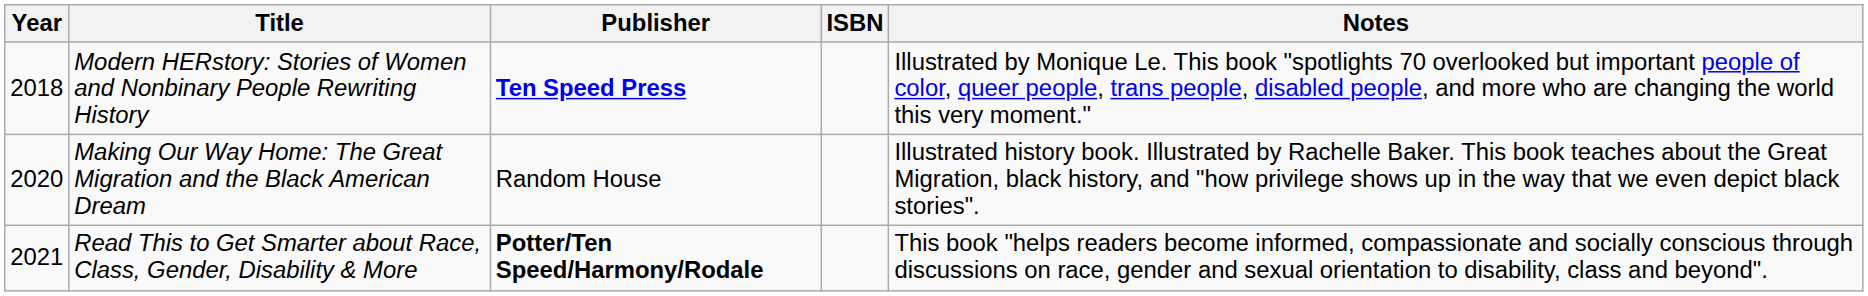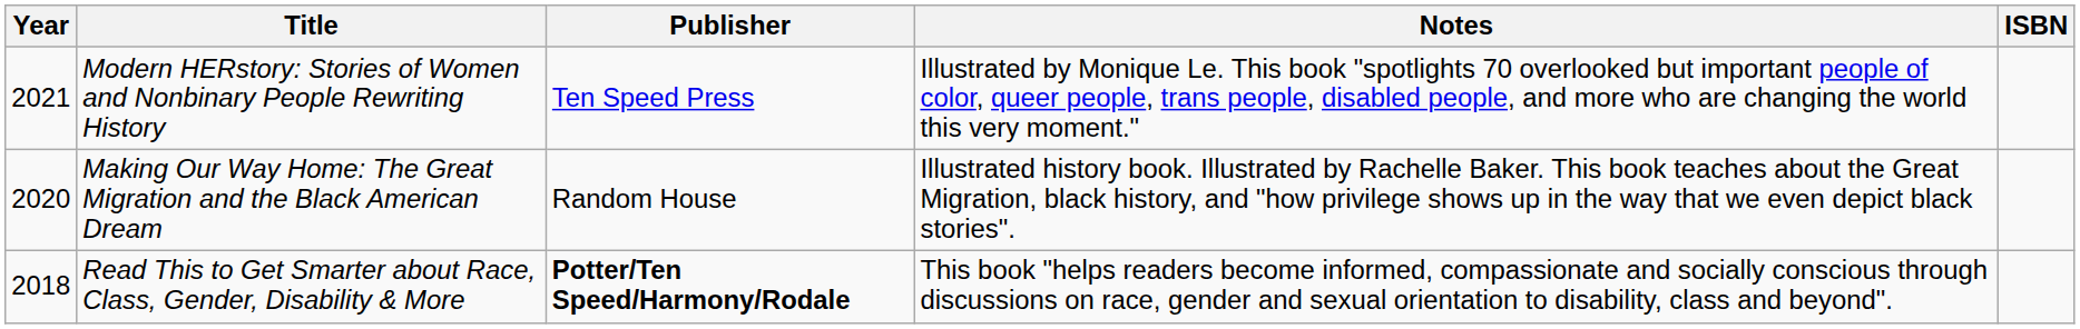 <table class="wikitable">
 <tr>
 <th>Year</th>
 <th>Title</th>
 <th>Publisher</th>
+<th>Notes</th>
 <th>ISBN</th>
-<th>Notes</th>
 </tr>
 <tr>
-<td>2018</td>
+<td>2021</td>
 <td><em>Modern HERstory: Stories of Women and Nonbinary People Rewriting History</em></td>
-<td><strong><a href='#'>Ten Speed Press</a></strong></td>
+<td><a href='#'>Ten Speed Press</a></td>
+<td>Illustrated by Monique Le. This book "spotlights 70 overlooked but important <a href='#'>people of color</a>, <a href='#'>queer people</a>, <a href='#'>trans people</a>, <a href='#'>disabled people</a>, and more who are changing the world this very moment."</td>
 <td></td>
-<td>Illustrated by Monique Le. This book "spotlights 70 overlooked but important <a href='#'>people of color</a>, <a href='#'>queer people</a>, <a href='#'>trans people</a>, <a href='#'>disabled people</a>, and more who are changing the world this very moment."</td>
 </tr>
 <tr>
 <td>2020</td>
 <td><em>Making Our Way Home: The Great Migration and the Black American Dream</em></td>
 <td>Random House</td>
+<td>Illustrated history book. Illustrated by Rachelle Baker. This book teaches about the Great Migration, black history, and "how privilege shows up in the way that we even depict black stories".</td>
 <td></td>
-<td>Illustrated history book. Illustrated by Rachelle Baker. This book teaches about the Great Migration, black history, and "how privilege shows up in the way that we even depict black stories".</td>
 </tr>
 <tr>
-<td>2021</td>
+<td>2018</td>
 <td><em> Read This to Get Smarter about Race, Class, Gender, Disability & More</em></td>
 <td><strong>Potter/Ten Speed/Harmony/Rodale</strong></td>
+<td>This book "helps readers become informed, compassionate and socially conscious through discussions on race, gender and sexual orientation to disability, class and beyond".</td>
 <td></td>
-<td>This book "helps readers become informed, compassionate and socially conscious through discussions on race, gender and sexual orientation to disability, class and beyond".</td>
 </tr>
 </table>
